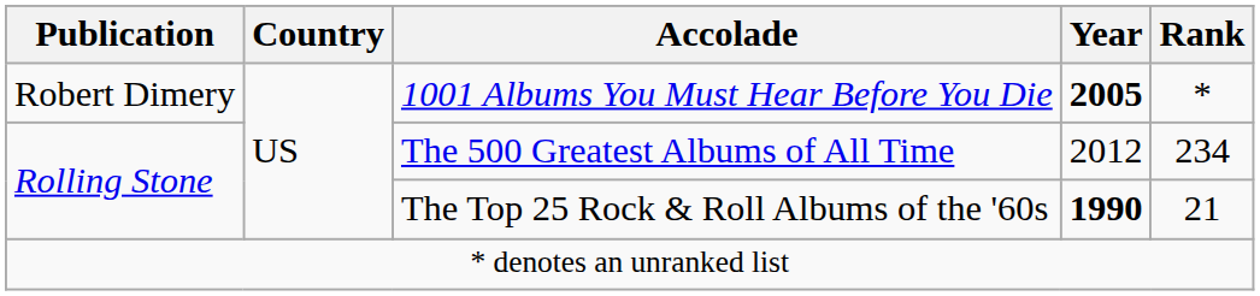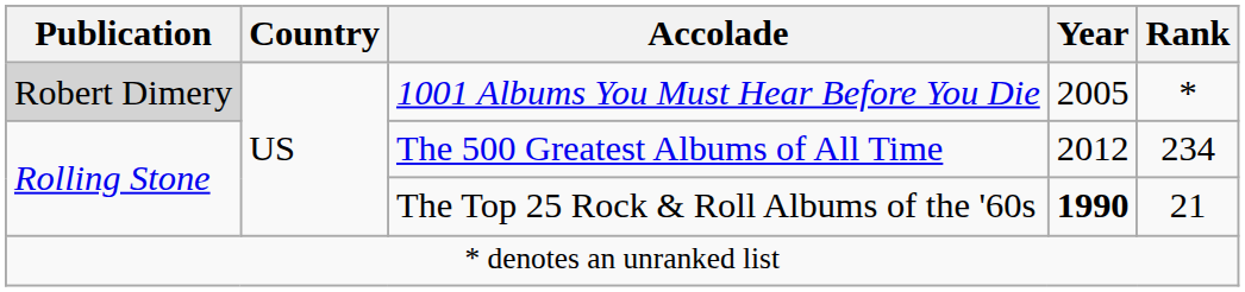 <table class="wikitable">
 <tr>
 <th>Publication</th>
 <th>Country</th>
 <th>Accolade</th>
 <th>Year</th>
 <th>Rank</th>
 </tr>
 <tr>
-<td>Robert Dimery</td>
+<td style="background: lightgrey;">Robert Dimery</td>
 <td rowspan=3>US</td>
 <td><em><a href='#'>1001 Albums You Must Hear Before You Die</a></em></td>
-<td><strong>2005</strong></td>
+<td>2005</td>
 <td style="text-align:center;">*</td>
 </tr>
 <tr>
 <td rowspan=2><em><a href='#'>Rolling Stone</a></em></td>
 <td><a href='#'>The 500 Greatest Albums of All Time</a></td>
 <td>2012</td>
 <td style="text-align:center;">234</td>
 </tr>
 <tr>
 <td>The Top 25 Rock & Roll Albums of the '60s</td>
 <td><strong>1990</strong></td>
 <td style="text-align:center;">21</td>
 </tr>
 <tr>
 <td colspan="5" style="text-align:center; font-size:10pt;">* denotes an unranked list</td>
 </tr>
 </table>
